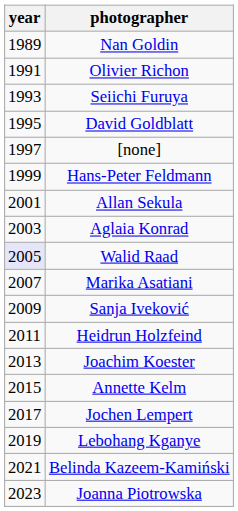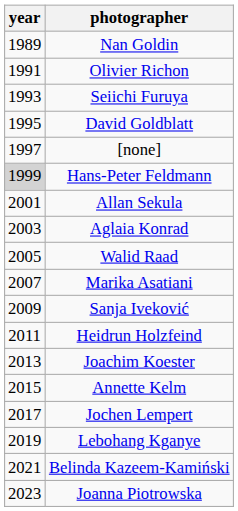 <table class="wikitable" style="text-align:center" align="right">
 <tr>
 <th>year</th>
 <th>photographer</th>
 </tr>
 <tr>
 <td>1989</td>
 <td><a href='#'>Nan Goldin</a></td>
 </tr>
 <tr>
 <td>1991</td>
 <td><a href='#'>Olivier Richon</a></td>
 </tr>
 <tr>
 <td>1993</td>
 <td><a href='#'>Seiichi Furuya</a></td>
 </tr>
 <tr>
 <td>1995</td>
 <td><a href='#'>David Goldblatt</a></td>
 </tr>
 <tr>
 <td>1997</td>
 <td>[none]</td>
 </tr>
 <tr>
-<td>1999</td>
+<td style="background: lightgrey;">1999</td>
 <td><a href='#'>Hans-Peter Feldmann</a></td>
 </tr>
 <tr>
 <td>2001</td>
 <td><a href='#'>Allan Sekula</a></td>
 </tr>
 <tr>
 <td>2003</td>
 <td><a href='#'>Aglaia Konrad</a></td>
 </tr>
 <tr>
-<td style="background: lavender;">2005</td>
+<td>2005</td>
 <td><a href='#'>Walid Raad</a></td>
 </tr>
 <tr>
 <td>2007</td>
 <td><a href='#'>Marika Asatiani</a></td>
 </tr>
 <tr>
 <td>2009</td>
 <td><a href='#'>Sanja Iveković</a></td>
 </tr>
 <tr>
 <td>2011</td>
 <td><a href='#'>Heidrun Holzfeind</a></td>
 </tr>
 <tr>
 <td>2013</td>
 <td><a href='#'>Joachim Koester</a></td>
 </tr>
 <tr>
 <td>2015</td>
 <td><a href='#'>Annette Kelm</a></td>
 </tr>
 <tr>
 <td>2017</td>
 <td><a href='#'>Jochen Lempert</a></td>
 </tr>
 <tr>
 <td>2019</td>
 <td><a href='#'>Lebohang Kganye</a></td>
 </tr>
 <tr>
 <td>2021</td>
 <td><a href='#'>Belinda Kazeem-Kamiński</a></td>
 </tr>
 <tr>
 <td>2023</td>
 <td><a href='#'>Joanna Piotrowska</a></td>
 </tr>
 </table>
